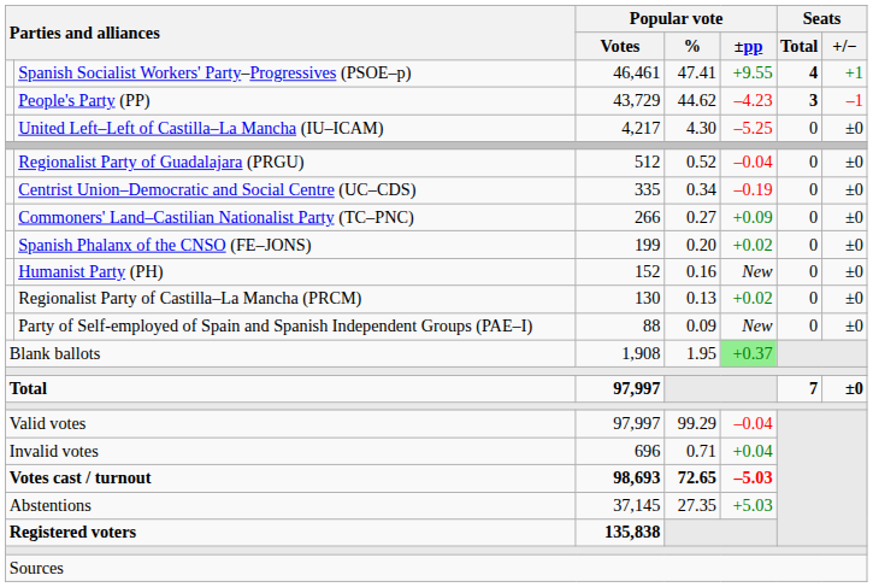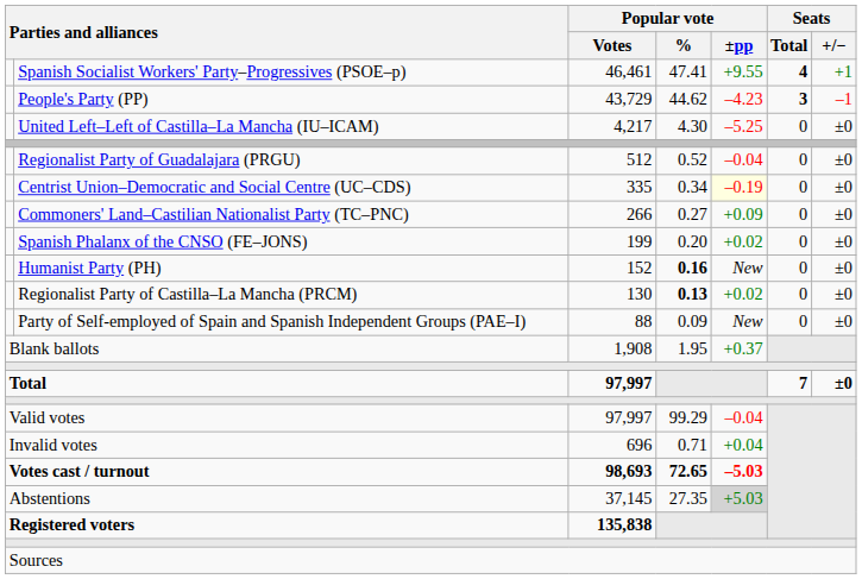 <table class="wikitable" style="text-align:right;">
 <tr>
 <th style="text-align:left;" rowspan="2" colspan="2" width="525">Parties and alliances</th>
 <th colspan="3">Popular vote</th>
 <th colspan="2">Seats</th>
 </tr>
 <tr>
 <th width="75">Votes</th>
 <th width="45">%</th>
 <th width="45">±<a href='#'>pp</a></th>
 <th width="35">Total</th>
 <th width="35">+/−</th>
 </tr>
 <tr>
 <td width="1" style="color:inherit;background:"></td>
 <td align="left"><a href='#'>Spanish Socialist Workers' Party</a>–<a href='#'>Progressives</a> (PSOE–p)</td>
 <td>46,461</td>
 <td>47.41</td>
 <td style="color:green;">+9.55</td>
 <td><strong>4</strong></td>
 <td style="color:green;">+1</td>
 </tr>
 <tr>
 <td style="color:inherit;background:"></td>
 <td align="left"><a href='#'>People's Party</a> (PP)</td>
 <td>43,729</td>
 <td>44.62</td>
 <td style="color:red;">–4.23</td>
 <td><strong>3</strong></td>
 <td style="color:red;">–1</td>
 </tr>
 <tr>
 <td style="color:inherit;background:"></td>
 <td align="left"><a href='#'>United Left–Left of Castilla–La Mancha</a> (IU–ICAM)</td>
 <td>4,217</td>
 <td>4.30</td>
 <td style="color:red;">–5.25</td>
 <td>0</td>
 <td>±0</td>
 </tr>
 <tr>
 <td colspan="7" bgcolor="#C0C0C0"></td>
 </tr>
 <tr>
 <td style="color:inherit;background:"></td>
 <td align="left"><a href='#'>Regionalist Party of Guadalajara</a> (PRGU)</td>
 <td>512</td>
 <td>0.52</td>
 <td style="color:red;">–0.04</td>
 <td>0</td>
 <td>±0</td>
 </tr>
 <tr>
 <td style="color:inherit;background:"></td>
 <td align="left"><a href='#'>Centrist Union–Democratic and Social Centre</a> (UC–CDS)</td>
 <td>335</td>
 <td>0.34</td>
-<td style="color:red;">–0.19</td>
+<td style="background: lightyellow; color:red;">–0.19</td>
 <td>0</td>
 <td>±0</td>
 </tr>
 <tr>
 <td style="color:inherit;background:"></td>
 <td align="left"><a href='#'>Commoners' Land–Castilian Nationalist Party</a> (TC–PNC)</td>
 <td>266</td>
 <td>0.27</td>
 <td style="color:green;">+0.09</td>
 <td>0</td>
 <td>±0</td>
 </tr>
 <tr>
 <td style="color:inherit;background:"></td>
 <td align="left"><a href='#'>Spanish Phalanx of the CNSO</a> (FE–JONS)</td>
 <td>199</td>
 <td>0.20</td>
 <td style="color:green;">+0.02</td>
 <td>0</td>
 <td>±0</td>
 </tr>
 <tr>
 <td style="color:inherit;background:"></td>
 <td align="left"><a href='#'>Humanist Party</a> (PH)</td>
 <td>152</td>
-<td>0.16</td>
+<td><strong>0.16</strong></td>
 <td><em>New</em></td>
 <td>0</td>
 <td>±0</td>
 </tr>
 <tr>
 <td style="color:inherit;background:"></td>
 <td align="left">Regionalist Party of Castilla–La Mancha (PRCM)</td>
 <td>130</td>
-<td>0.13</td>
+<td><strong>0.13</strong></td>
 <td style="color:green;">+0.02</td>
 <td>0</td>
 <td>±0</td>
 </tr>
 <tr>
 <td style="color:inherit;background:"></td>
 <td align="left">Party of Self-employed of Spain and Spanish Independent Groups (PAE–I)</td>
 <td>88</td>
 <td>0.09</td>
 <td><em>New</em></td>
 <td>0</td>
 <td>±0</td>
 </tr>
 <tr>
 <td align="left" colspan="2">Blank ballots</td>
 <td>1,908</td>
 <td>1.95</td>
-<td style="background: lightgreen; color:green;">+0.37</td>
+<td style="color:green;">+0.37</td>
 <td bgcolor="#E9E9E9" colspan="2"></td>
 </tr>
 <tr>
 <td colspan="7" bgcolor="#E9E9E9"></td>
 </tr>
 <tr style="font-weight:bold;">
 <td align="left" colspan="2">Total</td>
 <td>97,997</td>
 <td bgcolor="#E9E9E9" colspan="2"></td>
 <td>7</td>
 <td>±0</td>
 </tr>
 <tr>
 <td colspan="7" bgcolor="#E9E9E9"></td>
 </tr>
 <tr>
 <td align="left" colspan="2">Valid votes</td>
 <td>97,997</td>
 <td>99.29</td>
 <td style="color:red;">–0.04</td>
 <td bgcolor="#E9E9E9" colspan="2" rowspan="5"></td>
 </tr>
 <tr>
 <td align="left" colspan="2">Invalid votes</td>
 <td>696</td>
 <td>0.71</td>
 <td style="color:green;">+0.04</td>
 </tr>
 <tr style="font-weight:bold;">
 <td align="left" colspan="2">Votes cast / turnout</td>
 <td>98,693</td>
 <td>72.65</td>
 <td style="color:red;">–5.03</td>
 </tr>
 <tr>
 <td align="left" colspan="2">Abstentions</td>
 <td>37,145</td>
 <td>27.35</td>
-<td style="color:green;">+5.03</td>
+<td style="background: lightgrey; color:green;">+5.03</td>
 </tr>
 <tr style="font-weight:bold;">
 <td align="left" colspan="2">Registered voters</td>
 <td>135,838</td>
 <td bgcolor="#E9E9E9" colspan="2"></td>
 </tr>
 <tr>
 <td colspan="7" bgcolor="#E9E9E9"></td>
 </tr>
 <tr>
 <td align="left" colspan="7">Sources</td>
 </tr>
 </table>
